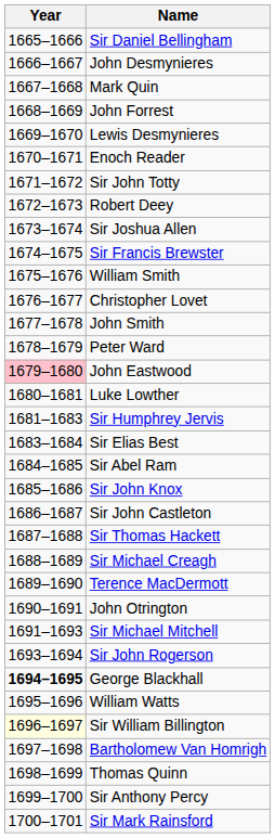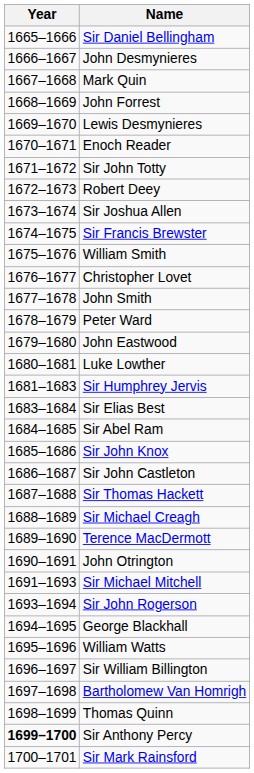 <table class="wikitable">
 <tr>
 <th>Year</th>
 <th>Name</th>
 </tr>
 <tr>
 <td>1665–1666</td>
 <td><a href='#'>Sir Daniel Bellingham</a></td>
 </tr>
 <tr>
 <td>1666–1667</td>
 <td>John Desmynieres</td>
 </tr>
 <tr>
 <td>1667–1668</td>
 <td>Mark Quin</td>
 </tr>
 <tr>
 <td>1668–1669</td>
 <td>John Forrest</td>
 </tr>
 <tr>
 <td>1669–1670</td>
 <td>Lewis Desmynieres</td>
 </tr>
 <tr>
 <td>1670–1671</td>
 <td>Enoch Reader</td>
 </tr>
 <tr>
 <td>1671–1672</td>
 <td>Sir John Totty</td>
 </tr>
 <tr>
 <td>1672–1673</td>
 <td>Robert Deey</td>
 </tr>
 <tr>
 <td>1673–1674</td>
 <td>Sir Joshua Allen</td>
 </tr>
 <tr>
 <td>1674–1675</td>
 <td><a href='#'>Sir Francis Brewster</a></td>
 </tr>
 <tr>
 <td>1675–1676</td>
 <td>William Smith</td>
 </tr>
 <tr>
 <td>1676–1677</td>
 <td>Christopher Lovet</td>
 </tr>
 <tr>
 <td>1677–1678</td>
 <td>John Smith</td>
 </tr>
 <tr>
 <td>1678–1679</td>
 <td>Peter Ward</td>
 </tr>
 <tr>
-<td style="background: pink;">1679–1680</td>
+<td>1679–1680</td>
 <td>John Eastwood</td>
 </tr>
 <tr>
 <td>1680–1681</td>
 <td>Luke Lowther</td>
 </tr>
 <tr>
 <td>1681–1683</td>
 <td><a href='#'>Sir Humphrey Jervis</a></td>
 </tr>
 <tr>
 <td>1683–1684</td>
 <td>Sir Elias Best</td>
 </tr>
 <tr>
 <td>1684–1685</td>
 <td>Sir Abel Ram</td>
 </tr>
 <tr>
 <td>1685–1686</td>
 <td><a href='#'>Sir John Knox</a></td>
 </tr>
 <tr>
 <td>1686–1687</td>
 <td>Sir John Castleton</td>
 </tr>
 <tr>
 <td>1687–1688</td>
 <td><a href='#'>Sir Thomas Hackett</a></td>
 </tr>
 <tr>
 <td>1688–1689</td>
 <td><a href='#'>Sir Michael Creagh</a></td>
 </tr>
 <tr>
 <td>1689–1690</td>
 <td><a href='#'>Terence MacDermott</a></td>
 </tr>
 <tr>
 <td>1690–1691</td>
 <td>John Otrington</td>
 </tr>
 <tr>
 <td>1691–1693</td>
 <td><a href='#'>Sir Michael Mitchell</a></td>
 </tr>
 <tr>
 <td>1693–1694</td>
 <td><a href='#'>Sir John Rogerson</a></td>
 </tr>
 <tr>
-<td><strong>1694–1695</strong></td>
+<td>1694–1695</td>
 <td>George Blackhall</td>
 </tr>
 <tr>
 <td>1695–1696</td>
 <td>William Watts</td>
 </tr>
 <tr>
-<td style="background: lightyellow;">1696–1697</td>
+<td>1696–1697</td>
 <td>Sir William Billington</td>
 </tr>
 <tr>
 <td>1697–1698</td>
 <td><a href='#'>Bartholomew Van Homrigh</a></td>
 </tr>
 <tr>
 <td>1698–1699</td>
 <td>Thomas Quinn</td>
 </tr>
 <tr>
-<td>1699–1700</td>
+<td><strong>1699–1700</strong></td>
 <td>Sir Anthony Percy</td>
 </tr>
 <tr>
 <td>1700–1701</td>
 <td><a href='#'>Sir Mark Rainsford</a></td>
 </tr>
 </table>
